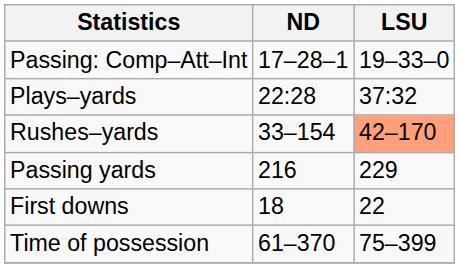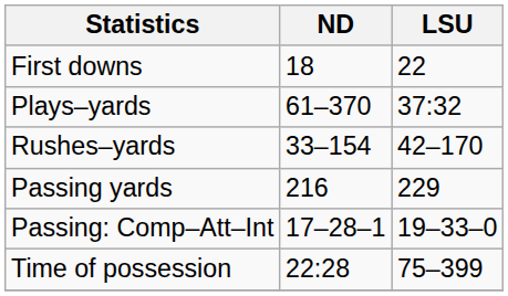 <table class="wikitable">
 <tr>
 <th>Statistics</th>
 <th>ND</th>
 <th>LSU</th>
 </tr>
 <tr>
-<td>Passing: Comp–Att–Int</td>
-<td>17–28–1</td>
-<td>19–33–0</td>
+<td>First downs</td>
+<td>18</td>
+<td>22</td>
 </tr>
 <tr>
 <td>Plays–yards</td>
-<td>22:28</td>
+<td>61–370</td>
 <td>37:32</td>
 </tr>
 <tr>
 <td>Rushes–yards</td>
 <td>33–154</td>
-<td style="background: lightsalmon;">42–170</td>
+<td>42–170</td>
 </tr>
 <tr>
 <td>Passing yards</td>
 <td>216</td>
 <td>229</td>
 </tr>
 <tr>
-<td>First downs</td>
-<td>18</td>
-<td>22</td>
+<td>Passing: Comp–Att–Int</td>
+<td>17–28–1</td>
+<td>19–33–0</td>
 </tr>
 <tr>
 <td>Time of possession</td>
-<td>61–370</td>
+<td>22:28</td>
 <td>75–399</td>
 </tr>
 <tr>
 </tr>
 </table>
